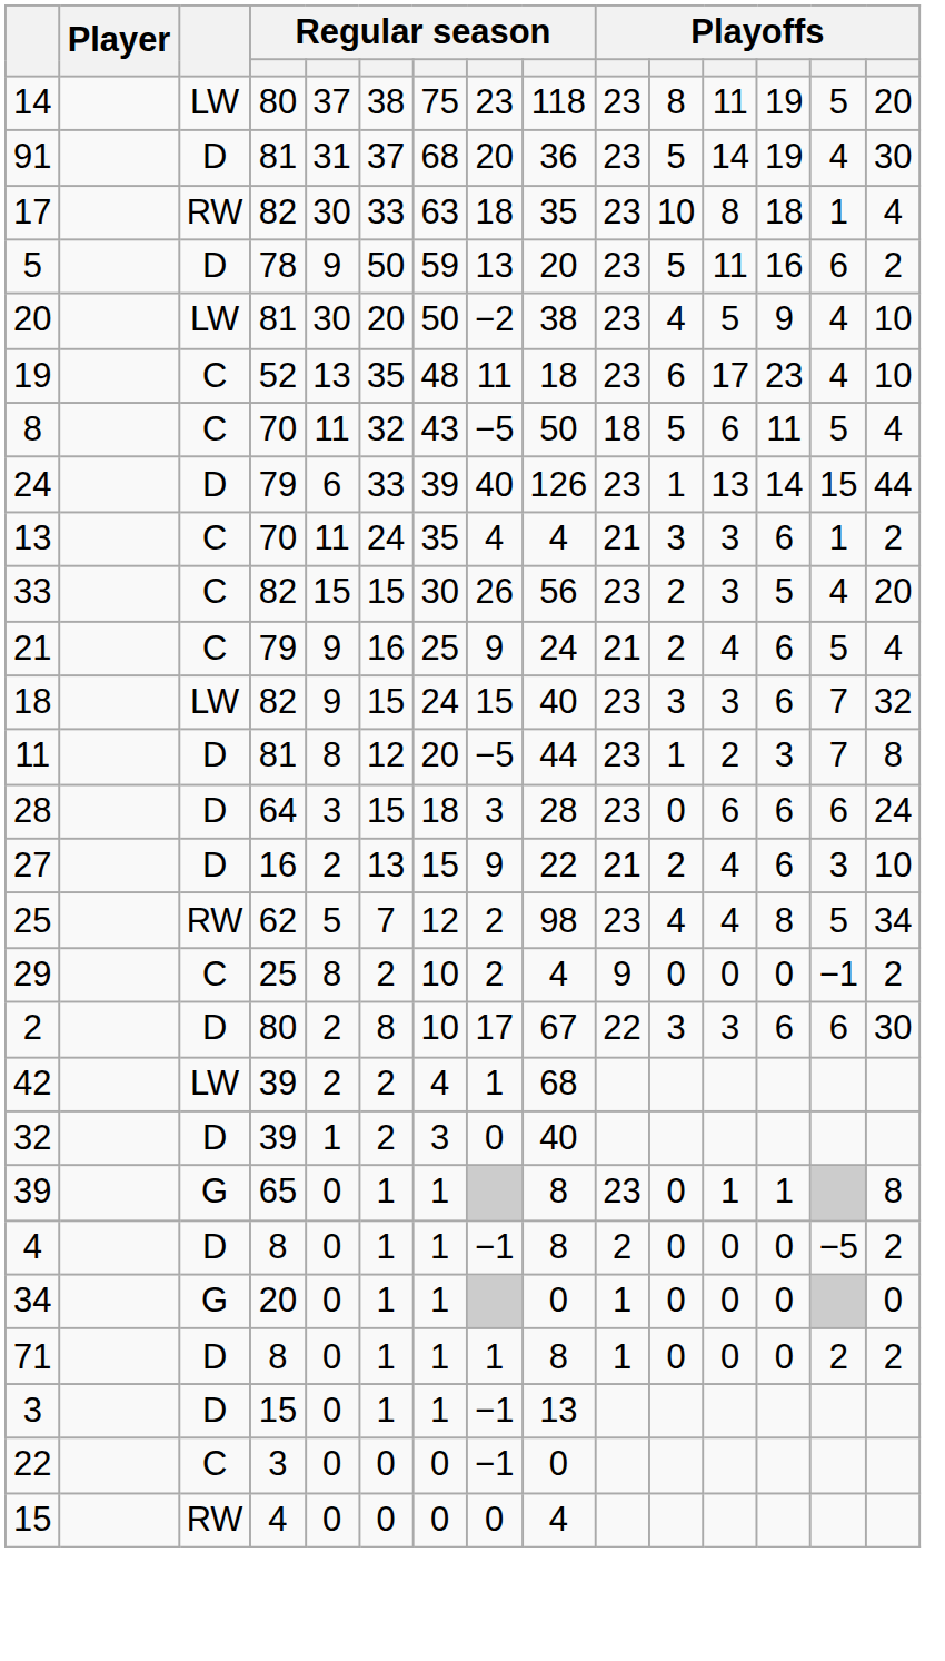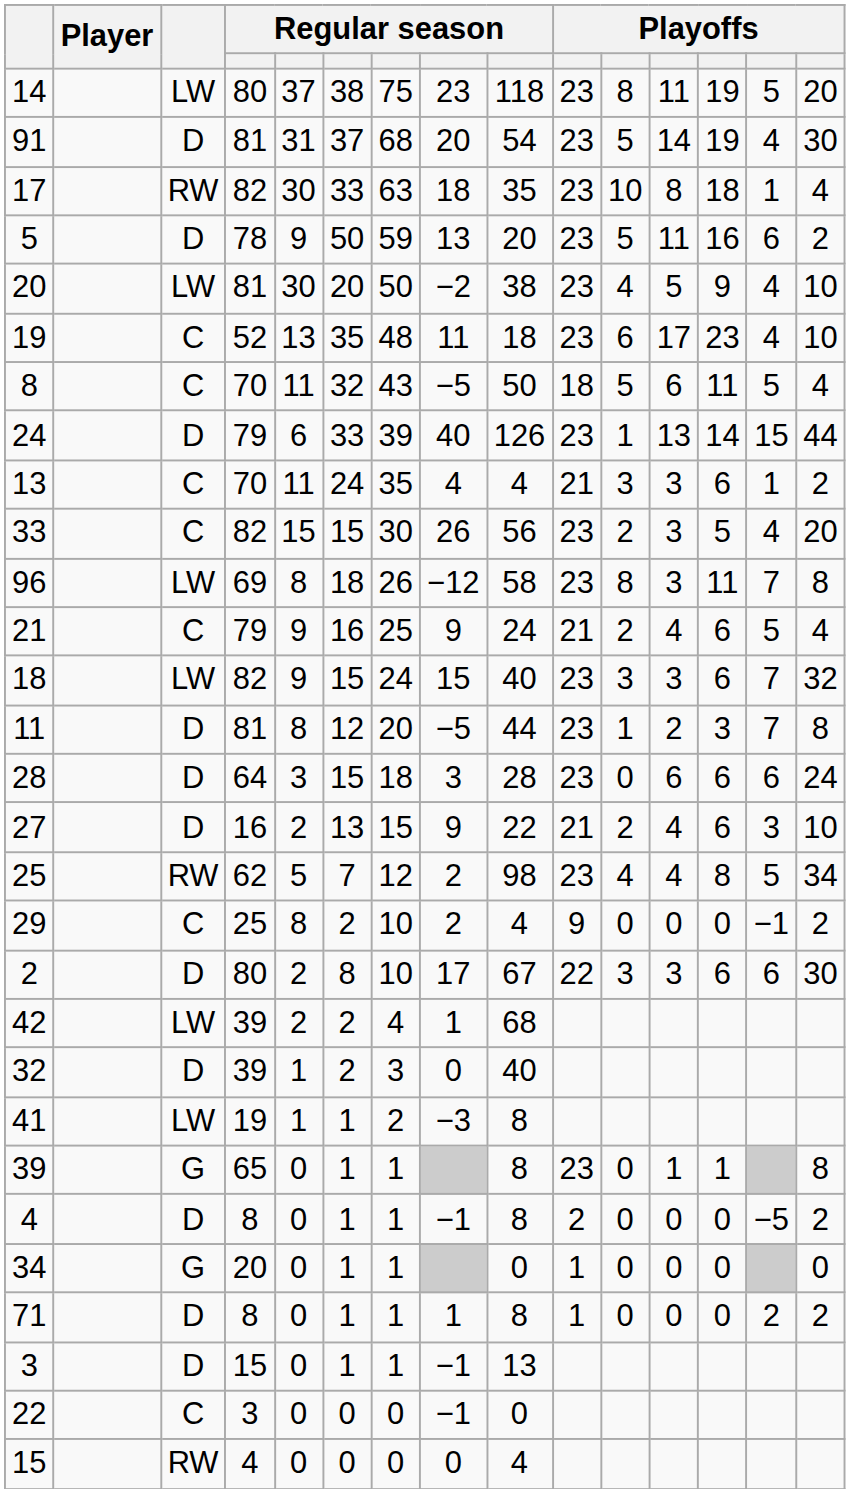 <table class="wikitable sortable plainrowheaders" style="text-align:center;">
 <tr>
 <th scope="col" data-sort-type="number" rowspan="2"></th>
 <th scope="col" rowspan="2">Player</th>
 <th scope="col" rowspan="2"></th>
 <th scope=colgroup colspan=6>Regular season</th>
 <th scope=colgroup colspan=6>Playoffs</th>
 </tr>
 <tr>
 <th scope="col" data-sort-type="number"></th>
 <th scope="col" data-sort-type="number"></th>
 <th scope="col" data-sort-type="number"></th>
 <th scope="col" data-sort-type="number"></th>
 <th scope="col" data-sort-type="number"></th>
 <th scope="col" data-sort-type="number"></th>
 <th scope="col" data-sort-type="number"></th>
 <th scope="col" data-sort-type="number"></th>
 <th scope="col" data-sort-type="number"></th>
 <th scope="col" data-sort-type="number"></th>
 <th scope="col" data-sort-type="number"></th>
 <th scope="col" data-sort-type="number"></th>
 </tr>
 <tr>
 <td scope="row">14</td>
 <td align="left"></td>
 <td>LW</td>
 <td>80</td>
 <td>37</td>
 <td>38</td>
 <td>75</td>
 <td>23</td>
 <td>118</td>
 <td>23</td>
 <td>8</td>
 <td>11</td>
 <td>19</td>
 <td>5</td>
 <td>20</td>
 </tr>
 <tr>
 <td scope="row">91</td>
 <td align="left"></td>
 <td>D</td>
 <td>81</td>
 <td>31</td>
 <td>37</td>
 <td>68</td>
 <td>20</td>
-<td>36</td>
+<td>54</td>
 <td>23</td>
 <td>5</td>
 <td>14</td>
 <td>19</td>
 <td>4</td>
 <td>30</td>
 </tr>
 <tr>
 <td scope="row">17</td>
 <td align="left"></td>
 <td>RW</td>
 <td>82</td>
 <td>30</td>
 <td>33</td>
 <td>63</td>
 <td>18</td>
 <td>35</td>
 <td>23</td>
 <td>10</td>
 <td>8</td>
 <td>18</td>
 <td>1</td>
 <td>4</td>
 </tr>
 <tr>
 <td scope="row">5</td>
 <td align="left"></td>
 <td>D</td>
 <td>78</td>
 <td>9</td>
 <td>50</td>
 <td>59</td>
 <td>13</td>
 <td>20</td>
 <td>23</td>
 <td>5</td>
 <td>11</td>
 <td>16</td>
 <td>6</td>
 <td>2</td>
 </tr>
 <tr>
 <td scope="row">20</td>
 <td align="left"></td>
 <td>LW</td>
 <td>81</td>
 <td>30</td>
 <td>20</td>
 <td>50</td>
 <td>−2</td>
 <td>38</td>
 <td>23</td>
 <td>4</td>
 <td>5</td>
 <td>9</td>
 <td>4</td>
 <td>10</td>
 </tr>
 <tr>
 <td scope="row">19</td>
 <td align="left"></td>
 <td>C</td>
 <td>52</td>
 <td>13</td>
 <td>35</td>
 <td>48</td>
 <td>11</td>
 <td>18</td>
 <td>23</td>
 <td>6</td>
 <td>17</td>
 <td>23</td>
 <td>4</td>
 <td>10</td>
 </tr>
 <tr>
 <td scope="row">8</td>
 <td align="left"></td>
 <td>C</td>
 <td>70</td>
 <td>11</td>
 <td>32</td>
 <td>43</td>
 <td>−5</td>
 <td>50</td>
 <td>18</td>
 <td>5</td>
 <td>6</td>
 <td>11</td>
 <td>5</td>
 <td>4</td>
 </tr>
 <tr>
 <td scope="row">24</td>
 <td align="left"></td>
 <td>D</td>
 <td>79</td>
 <td>6</td>
 <td>33</td>
 <td>39</td>
 <td>40</td>
 <td>126</td>
 <td>23</td>
 <td>1</td>
 <td>13</td>
 <td>14</td>
 <td>15</td>
 <td>44</td>
 </tr>
 <tr>
 <td scope="row">13</td>
 <td align="left"></td>
 <td>C</td>
 <td>70</td>
 <td>11</td>
 <td>24</td>
 <td>35</td>
 <td>4</td>
 <td>4</td>
 <td>21</td>
 <td>3</td>
 <td>3</td>
 <td>6</td>
 <td>1</td>
 <td>2</td>
 </tr>
 <tr>
 <td scope="row">33</td>
 <td align="left"></td>
 <td>C</td>
 <td>82</td>
 <td>15</td>
 <td>15</td>
 <td>30</td>
 <td>26</td>
 <td>56</td>
 <td>23</td>
 <td>2</td>
 <td>3</td>
 <td>5</td>
 <td>4</td>
 <td>20</td>
+</tr>
+<tr>
+<td scope="row">96</td>
+<td align="left"></td>
+<td>LW</td>
+<td>69</td>
+<td>8</td>
+<td>18</td>
+<td>26</td>
+<td>−12</td>
+<td>58</td>
+<td>23</td>
+<td>8</td>
+<td>3</td>
+<td>11</td>
+<td>7</td>
+<td>8</td>
 </tr>
 <tr>
 <td scope="row">21</td>
 <td align="left"></td>
 <td>C</td>
 <td>79</td>
 <td>9</td>
 <td>16</td>
 <td>25</td>
 <td>9</td>
 <td>24</td>
 <td>21</td>
 <td>2</td>
 <td>4</td>
 <td>6</td>
 <td>5</td>
 <td>4</td>
 </tr>
 <tr>
 <td scope="row">18</td>
 <td align="left"></td>
 <td>LW</td>
 <td>82</td>
 <td>9</td>
 <td>15</td>
 <td>24</td>
 <td>15</td>
 <td>40</td>
 <td>23</td>
 <td>3</td>
 <td>3</td>
 <td>6</td>
 <td>7</td>
 <td>32</td>
 </tr>
 <tr>
 <td scope="row">11</td>
 <td align="left"></td>
 <td>D</td>
 <td>81</td>
 <td>8</td>
 <td>12</td>
 <td>20</td>
 <td>−5</td>
 <td>44</td>
 <td>23</td>
 <td>1</td>
 <td>2</td>
 <td>3</td>
 <td>7</td>
 <td>8</td>
 </tr>
 <tr>
 <td scope="row">28</td>
 <td align="left"></td>
 <td>D</td>
 <td>64</td>
 <td>3</td>
 <td>15</td>
 <td>18</td>
 <td>3</td>
 <td>28</td>
 <td>23</td>
 <td>0</td>
 <td>6</td>
 <td>6</td>
 <td>6</td>
 <td>24</td>
 </tr>
 <tr>
 <td scope="row">27</td>
 <td align="left"></td>
 <td>D</td>
 <td>16</td>
 <td>2</td>
 <td>13</td>
 <td>15</td>
 <td>9</td>
 <td>22</td>
 <td>21</td>
 <td>2</td>
 <td>4</td>
 <td>6</td>
 <td>3</td>
 <td>10</td>
 </tr>
 <tr>
 <td scope="row">25</td>
 <td align="left"></td>
 <td>RW</td>
 <td>62</td>
 <td>5</td>
 <td>7</td>
 <td>12</td>
 <td>2</td>
 <td>98</td>
 <td>23</td>
 <td>4</td>
 <td>4</td>
 <td>8</td>
 <td>5</td>
 <td>34</td>
 </tr>
 <tr>
 <td scope="row">29</td>
 <td align="left"></td>
 <td>C</td>
 <td>25</td>
 <td>8</td>
 <td>2</td>
 <td>10</td>
 <td>2</td>
 <td>4</td>
 <td>9</td>
 <td>0</td>
 <td>0</td>
 <td>0</td>
 <td>−1</td>
 <td>2</td>
 </tr>
 <tr>
 <td scope="row">2</td>
 <td align="left"></td>
 <td>D</td>
 <td>80</td>
 <td>2</td>
 <td>8</td>
 <td>10</td>
 <td>17</td>
 <td>67</td>
 <td>22</td>
 <td>3</td>
 <td>3</td>
 <td>6</td>
 <td>6</td>
 <td>30</td>
 </tr>
 <tr>
 <td scope="row">42</td>
 <td align="left"></td>
 <td>LW</td>
 <td>39</td>
 <td>2</td>
 <td>2</td>
 <td>4</td>
 <td>1</td>
 <td>68</td>
 <td></td>
 <td></td>
 <td></td>
 <td></td>
 <td></td>
 <td></td>
 </tr>
 <tr>
 <td scope="row">32</td>
 <td align="left"></td>
 <td>D</td>
 <td>39</td>
 <td>1</td>
 <td>2</td>
 <td>3</td>
 <td>0</td>
 <td>40</td>
 <td></td>
 <td></td>
 <td></td>
 <td></td>
 <td></td>
 <td></td>
 </tr>
 <tr>
+<td scope="row">41</td>
+<td align="left"></td>
+<td>LW</td>
+<td>19</td>
+<td>1</td>
+<td>1</td>
+<td>2</td>
+<td>−3</td>
+<td>8</td>
+<td></td>
+<td></td>
+<td></td>
+<td></td>
+<td></td>
+<td></td>
+</tr>
+<tr>
 <td scope="row">39</td>
 <td align="left"></td>
 <td>G</td>
 <td>65</td>
 <td>0</td>
 <td>1</td>
 <td>1</td>
 <td style="background:#ccc"></td>
 <td>8</td>
 <td>23</td>
 <td>0</td>
 <td>1</td>
 <td>1</td>
 <td style="background:#ccc"></td>
 <td>8</td>
 </tr>
 <tr>
 <td scope="row">4</td>
 <td align="left"></td>
 <td>D</td>
 <td>8</td>
 <td>0</td>
 <td>1</td>
 <td>1</td>
 <td>−1</td>
 <td>8</td>
 <td>2</td>
 <td>0</td>
 <td>0</td>
 <td>0</td>
 <td>−5</td>
 <td>2</td>
 </tr>
 <tr>
 <td scope="row">34</td>
 <td align="left"></td>
 <td>G</td>
 <td>20</td>
 <td>0</td>
 <td>1</td>
 <td>1</td>
 <td style="background:#ccc"></td>
 <td>0</td>
 <td>1</td>
 <td>0</td>
 <td>0</td>
 <td>0</td>
 <td style="background:#ccc"></td>
 <td>0</td>
 </tr>
 <tr>
 <td scope="row">71</td>
 <td align="left"></td>
 <td>D</td>
 <td>8</td>
 <td>0</td>
 <td>1</td>
 <td>1</td>
 <td>1</td>
 <td>8</td>
 <td>1</td>
 <td>0</td>
 <td>0</td>
 <td>0</td>
 <td>2</td>
 <td>2</td>
 </tr>
 <tr>
 <td scope="row">3</td>
 <td align="left"></td>
 <td>D</td>
 <td>15</td>
 <td>0</td>
 <td>1</td>
 <td>1</td>
 <td>−1</td>
 <td>13</td>
 <td></td>
 <td></td>
 <td></td>
 <td></td>
 <td></td>
 <td></td>
 </tr>
 <tr>
 <td scope="row">22</td>
 <td align="left"></td>
 <td>C</td>
 <td>3</td>
 <td>0</td>
 <td>0</td>
 <td>0</td>
 <td>−1</td>
 <td>0</td>
 <td></td>
 <td></td>
 <td></td>
 <td></td>
 <td></td>
 <td></td>
 </tr>
 <tr>
 <td scope="row">15</td>
 <td align="left"></td>
 <td>RW</td>
 <td>4</td>
 <td>0</td>
 <td>0</td>
 <td>0</td>
 <td>0</td>
 <td>4</td>
 <td></td>
 <td></td>
 <td></td>
 <td></td>
 <td></td>
 <td></td>
 </tr>
 </table>
